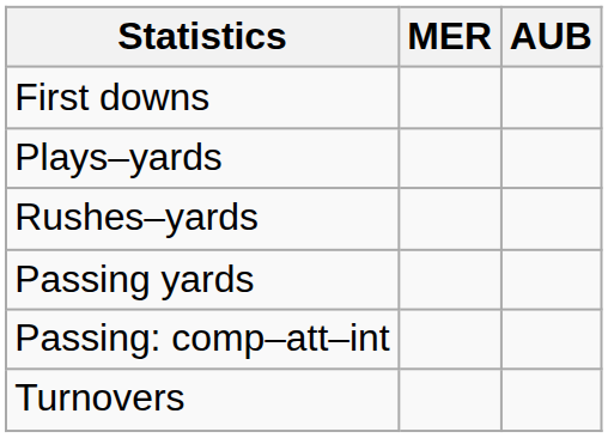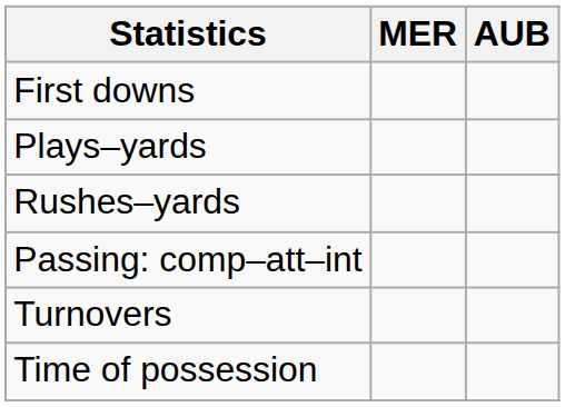 <table class="wikitable" style="float:left">
 <tr>
 <th>Statistics</th>
 <th>MER</th>
 <th>AUB</th>
 </tr>
 <tr>
 <td>First downs</td>
 <td></td>
 <td></td>
 </tr>
 <tr>
 <td>Plays–yards</td>
 <td></td>
 <td></td>
 </tr>
 <tr>
 <td>Rushes–yards</td>
 <td></td>
 <td></td>
 </tr>
 <tr>
-<td>Passing yards</td>
-<td></td>
-<td></td>
-</tr>
-<tr>
 <td>Passing: comp–att–int</td>
 <td></td>
 <td></td>
 </tr>
 <tr>
 <td>Turnovers</td>
 <td></td>
 <td></td>
 </tr>
+<tr>
+<td>Time of possession</td>
+<td></td>
+<td></td>
+</tr>
 </table>
